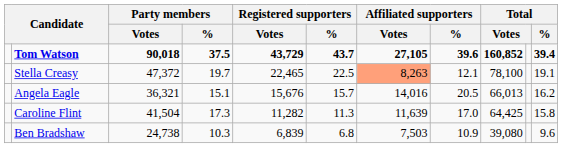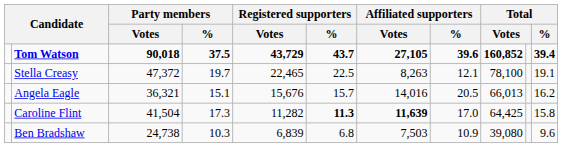 <table class=wikitable style="font-size:95%;">
 <tr>
 <th colspan="2" scope="col" rowspan="2" width="125">Candidate</th>
 <th scope="col" colspan="2" width="150">Party members</th>
 <th scope="col" colspan="2" width="150">Registered supporters</th>
 <th scope="col" colspan="2" width="150">Affiliated supporters</th>
 <th scope="col" colspan="3" width="75">Total</th>
 </tr>
 <tr>
 <th>Votes</th>
 <th>%</th>
 <th>Votes</th>
 <th>%</th>
 <th>Votes</th>
 <th>%</th>
 <th scope="col" colspan="2">Votes</th>
 <th>%</th>
 </tr>
 <tr align="right">
 <td style="background-color: "></td>
 <td scope="row" align="left"><strong><a href='#'>Tom Watson</a></strong></td>
 <td><strong>90,018</strong></td>
 <td><strong>37.5</strong></td>
 <td><strong>43,729</strong></td>
 <td><strong>43.7</strong></td>
 <td><strong>27,105</strong></td>
 <td><strong>39.6</strong></td>
 <td><strong>160,852</strong></td>
 <td align=center></td>
 <td><strong>39.4</strong></td>
 </tr>
 <tr align="right">
 <td style="background-color: "></td>
 <td scope="row" align="left"><a href='#'>Stella Creasy</a></td>
 <td>47,372</td>
 <td>19.7</td>
 <td>22,465</td>
 <td>22.5</td>
-<td style="background: lightsalmon;">8,263</td>
+<td>8,263</td>
 <td>12.1</td>
 <td>78,100</td>
 <td align=center></td>
 <td>19.1</td>
 </tr>
 <tr align="right">
 <td style="background-color: "></td>
 <td scope="row" align="left"><a href='#'>Angela Eagle</a></td>
 <td>36,321</td>
 <td>15.1</td>
 <td>15,676</td>
 <td>15.7</td>
 <td>14,016</td>
 <td>20.5</td>
 <td>66,013</td>
 <td align=center></td>
 <td>16.2</td>
 </tr>
 <tr align="right">
 <td style="background-color: "></td>
 <td scope="row" align="left"><a href='#'>Caroline Flint</a></td>
 <td>41,504</td>
 <td>17.3</td>
 <td>11,282</td>
-<td>11.3</td>
-<td>11,639</td>
+<td><strong>11.3</strong></td>
+<td><strong>11,639</strong></td>
 <td>17.0</td>
 <td>64,425</td>
 <td align=center></td>
 <td>15.8</td>
 </tr>
 <tr align="right">
 <td style="background-color: "></td>
 <td scope="row" align="left"><a href='#'>Ben Bradshaw</a></td>
 <td>24,738</td>
 <td>10.3</td>
 <td>6,839</td>
 <td>6.8</td>
 <td>7,503</td>
 <td>10.9</td>
 <td>39,080</td>
 <td align=center></td>
 <td>9.6</td>
 </tr>
 </table>
